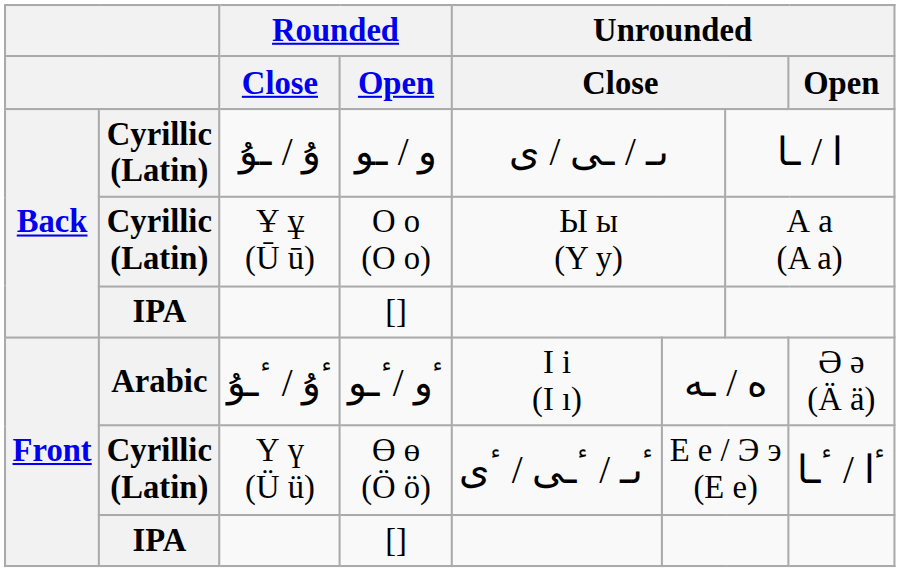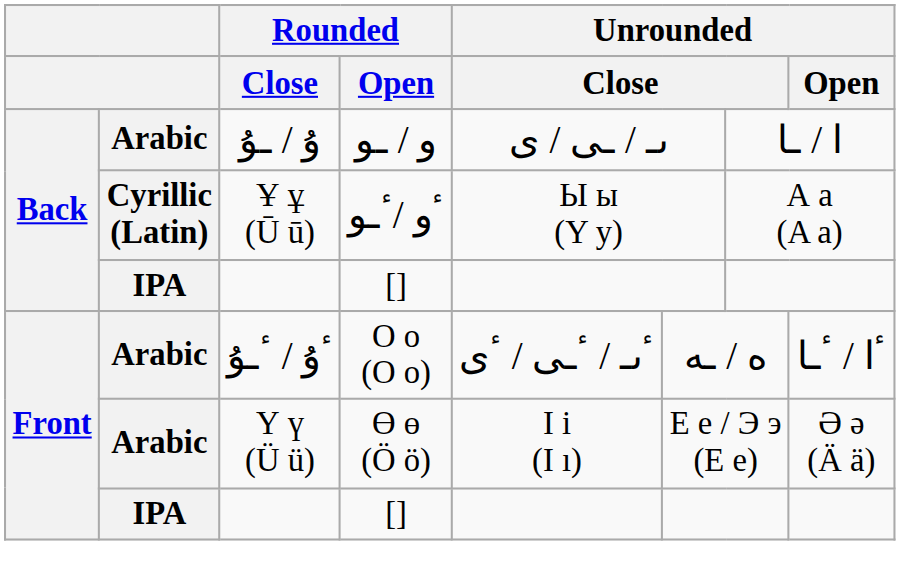 <table class="wikitable" style="text-align:center;">
 <tr>
 <th colspan=2></th>
 <th colspan=2><a href='#'>Rounded</a></th>
 <th colspan=4>Unrounded</th>
 </tr>
 <tr>
 <th colspan=2></th>
 <th><a href='#'>Close</a></th>
 <th><a href='#'>Open</a></th>
 <th colspan=3>Close</th>
 <th colspan=2>Open</th>
 </tr>
 <tr>
 <th rowspan=3><a href='#'>Back</a><br></th>
-<th>Cyrillic<br>(Latin)</th>
+<th>Arabic</th>
 <td><big>ـۇ‎ / ۇ‎</big></td>
 <td><big>ـو‎ / و‎</big></td>
 <td colspan=2><big>ىـ / ـى / ى‎</big></td>
 <td colspan=2><big>ا / ‍ـا</big></td>
 </tr>
 <tr>
 <th>Cyrillic<br>(Latin)</th>
 <td>Ұ ұ<br>(Ū ū)</td>
-<td>О о<br>(O o)</td>
+<td><big>ٴـو‎/ ٴو‎</big></td>
 <td colspan=2>Ы ы<br>(Y y)</td>
 <td colspan=2>А а<br>(A a)</td>
 </tr>
 <tr>
 <th>IPA</th>
 <td></td>
 <td>[]</td>
 <td colspan=2></td>
 <td colspan=2></td>
 </tr>
 <tr>
 <th rowspan=3><a href='#'>Front</a></th>
 <th>Arabic</th>
 <td><big>ٴـۇ‎ / ‎ٴۇ</big></td>
-<td><big>ٴـو‎/ ٴو‎</big></td>
-<td colspan=1>І і<br>(I ı)</td>
+<td>О о<br>(O o)</td>
+<td colspan=1><big>ٴىـ / ٴـى / ٴى‎</big></td>
 <td colspan=2><big>ە / ـە</big></td>
-<td>Ә ә<br>(Ä ä)</td>
+<td><big>ٴا / ‍ٴـا</big></td>
 </tr>
 <tr>
-<th>Cyrillic<br>(Latin)</th>
+<th>Arabic</th>
 <td>Ү ү<br>(Ü ü)</td>
 <td>Ө ө<br>(Ö ö)</td>
-<td colspan=1><big>ٴىـ / ٴـى / ٴى‎</big></td>
+<td colspan=1>І і<br>(I ı)</td>
 <td colspan=2>Е е / Э э<br>(E e)</td>
-<td><big>ٴا / ‍ٴـا</big></td>
+<td>Ә ә<br>(Ä ä)</td>
 </tr>
 <tr>
 <th>IPA</th>
 <td></td>
 <td>[]</td>
 <td colspan=1></td>
 <td colspan=2></td>
 <td></td>
 </tr>
 </table>
